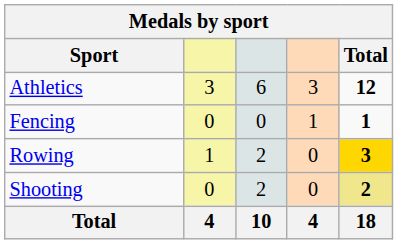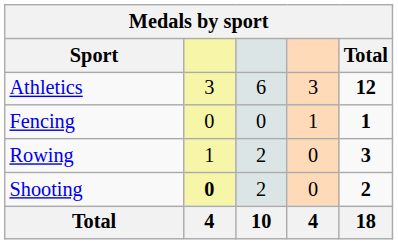 <table class="wikitable" style="font-size:90%; text-align:center;">
 <tr>
 <th colspan=5>Medals by sport</th>
 </tr>
 <tr>
 <th width=120>Sport</th>
 <th scope="col" width=30 style="background:#F7F6A8;"></th>
 <th scope="col" width=30 style="background:#DCE5E5;"></th>
 <th scope="col" width=30 style="background:#FFDAB9;"></th>
 <th width=30>Total</th>
 </tr>
 <tr>
 <td align=left><a href='#'>Athletics</a></td>
 <td style="background:#F7F6A8;">3</td>
 <td style="background:#DCE5E5;">6</td>
 <td style="background:#FFDAB9;">3</td>
 <td><strong>12</strong></td>
 </tr>
 <tr>
 <td align=left><a href='#'>Fencing</a></td>
 <td style="background:#F7F6A8;">0</td>
 <td style="background:#DCE5E5;">0</td>
 <td style="background:#FFDAB9;">1</td>
 <td><strong>1</strong></td>
 </tr>
 <tr>
 <td align=left><a href='#'>Rowing</a></td>
 <td style="background:#F7F6A8;">1</td>
 <td style="background:#DCE5E5;">2</td>
 <td style="background:#FFDAB9;">0</td>
-<td style="background: gold;"><strong>3</strong></td>
+<td><strong>3</strong></td>
 </tr>
 <tr>
 <td align=left><a href='#'>Shooting</a></td>
-<td style="background:#F7F6A8;">0</td>
+<td style="background:#F7F6A8;"><strong>0</strong></td>
 <td style="background:#DCE5E5;">2</td>
 <td style="background:#FFDAB9;">0</td>
-<td style="background: khaki;"><strong>2</strong></td>
+<td><strong>2</strong></td>
 </tr>
 <tr class="sortbottom">
 <th>Total</th>
 <th>4</th>
 <th>10</th>
 <th>4</th>
 <th>18</th>
 </tr>
 </table>
